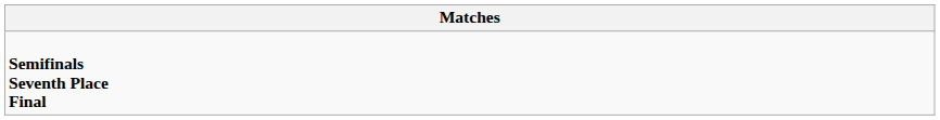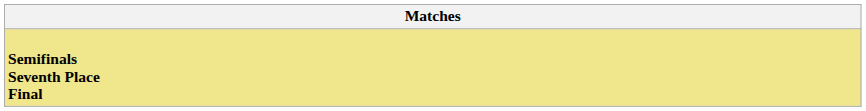 <table class="wikitable collapsible collapsed" style="width:100%;">
 <tr>
 <th>Matches</th>
 </tr>
 <tr>
-<td><br><strong>Semifinals</strong>  <br><strong>Seventh Place</strong> <br><strong>Final</strong> </td>
+<td style="background: khaki;"><br><strong>Semifinals</strong>  <br><strong>Seventh Place</strong> <br><strong>Final</strong> </td>
 </tr>
 </table>
